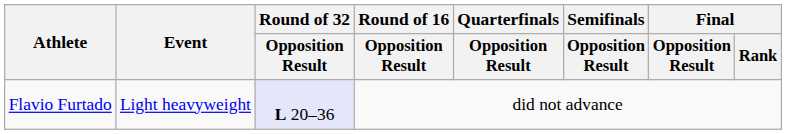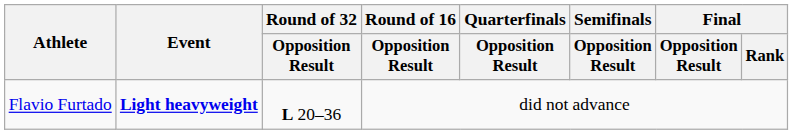 <table class="wikitable" style="font-size:90%">
 <tr>
 <th rowspan="2">Athlete</th>
 <th rowspan="2">Event</th>
 <th>Round of 32</th>
 <th>Round of 16</th>
 <th>Quarterfinals</th>
 <th>Semifinals</th>
 <th colspan=2>Final</th>
 </tr>
 <tr style="font-size:95%">
 <th>Opposition<br>Result</th>
 <th>Opposition<br>Result</th>
 <th>Opposition<br>Result</th>
 <th>Opposition<br>Result</th>
 <th>Opposition<br>Result</th>
 <th>Rank</th>
 </tr>
 <tr align=center>
 <td align=left><a href='#'>Flavio Furtado</a></td>
-<td align=left><a href='#'>Light heavyweight</a></td>
-<td style="background: lavender;"><br><strong>L</strong> 20–36</td>
+<td align=left><strong><a href='#'>Light heavyweight</a></strong></td>
+<td><br><strong>L</strong> 20–36</td>
 <td colspan=5>did not advance</td>
 </tr>
 </table>
